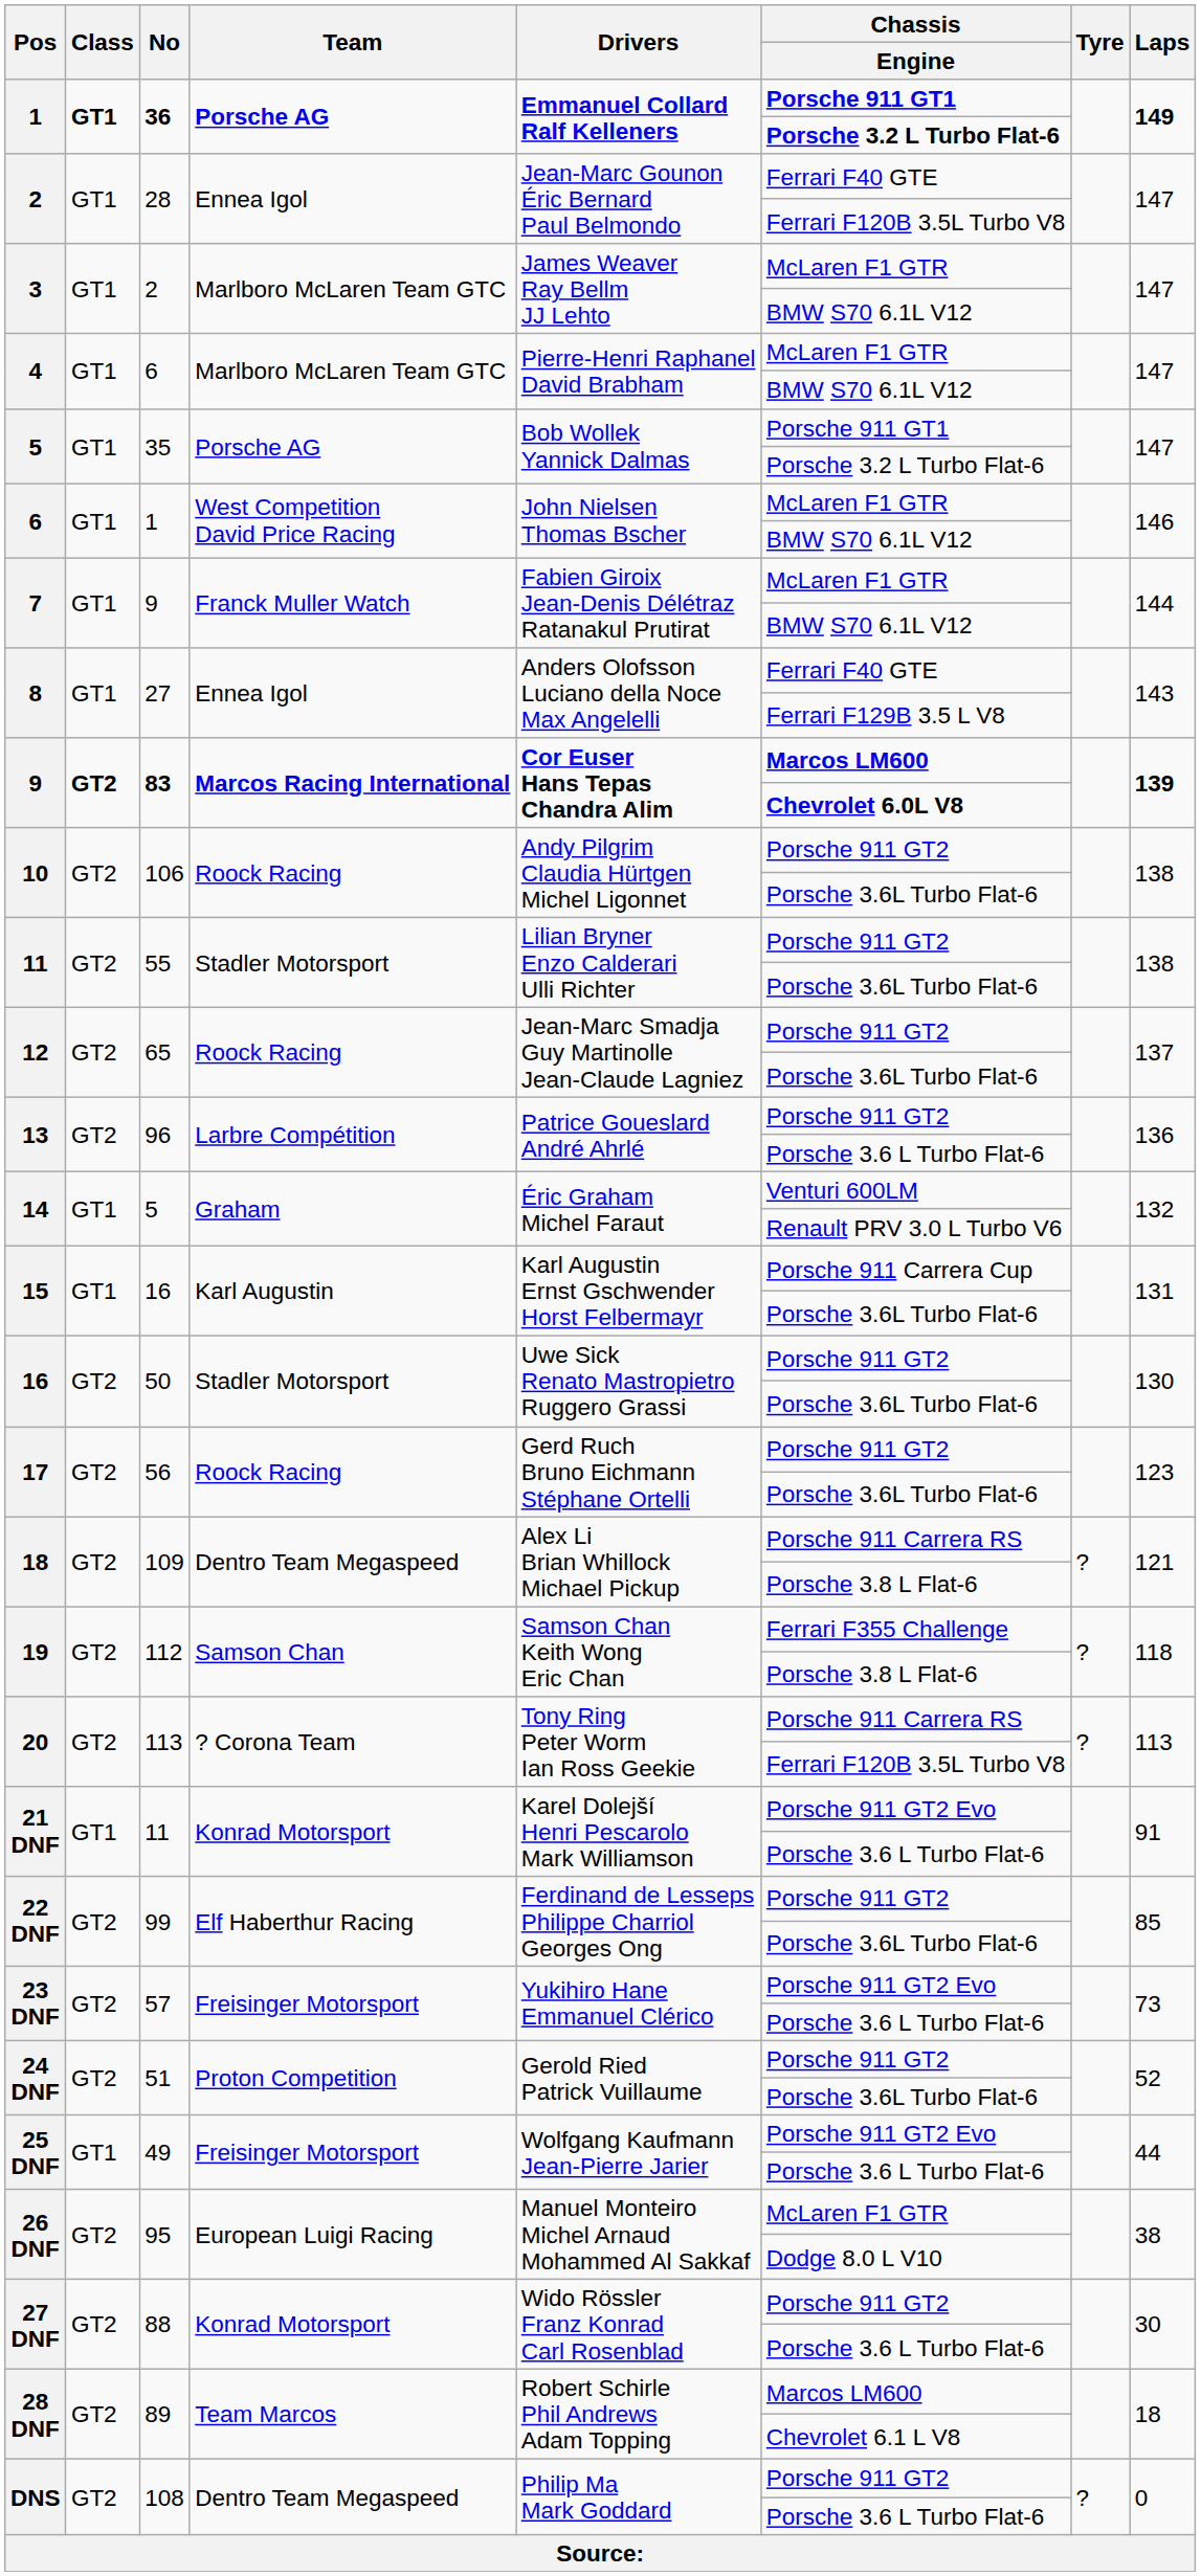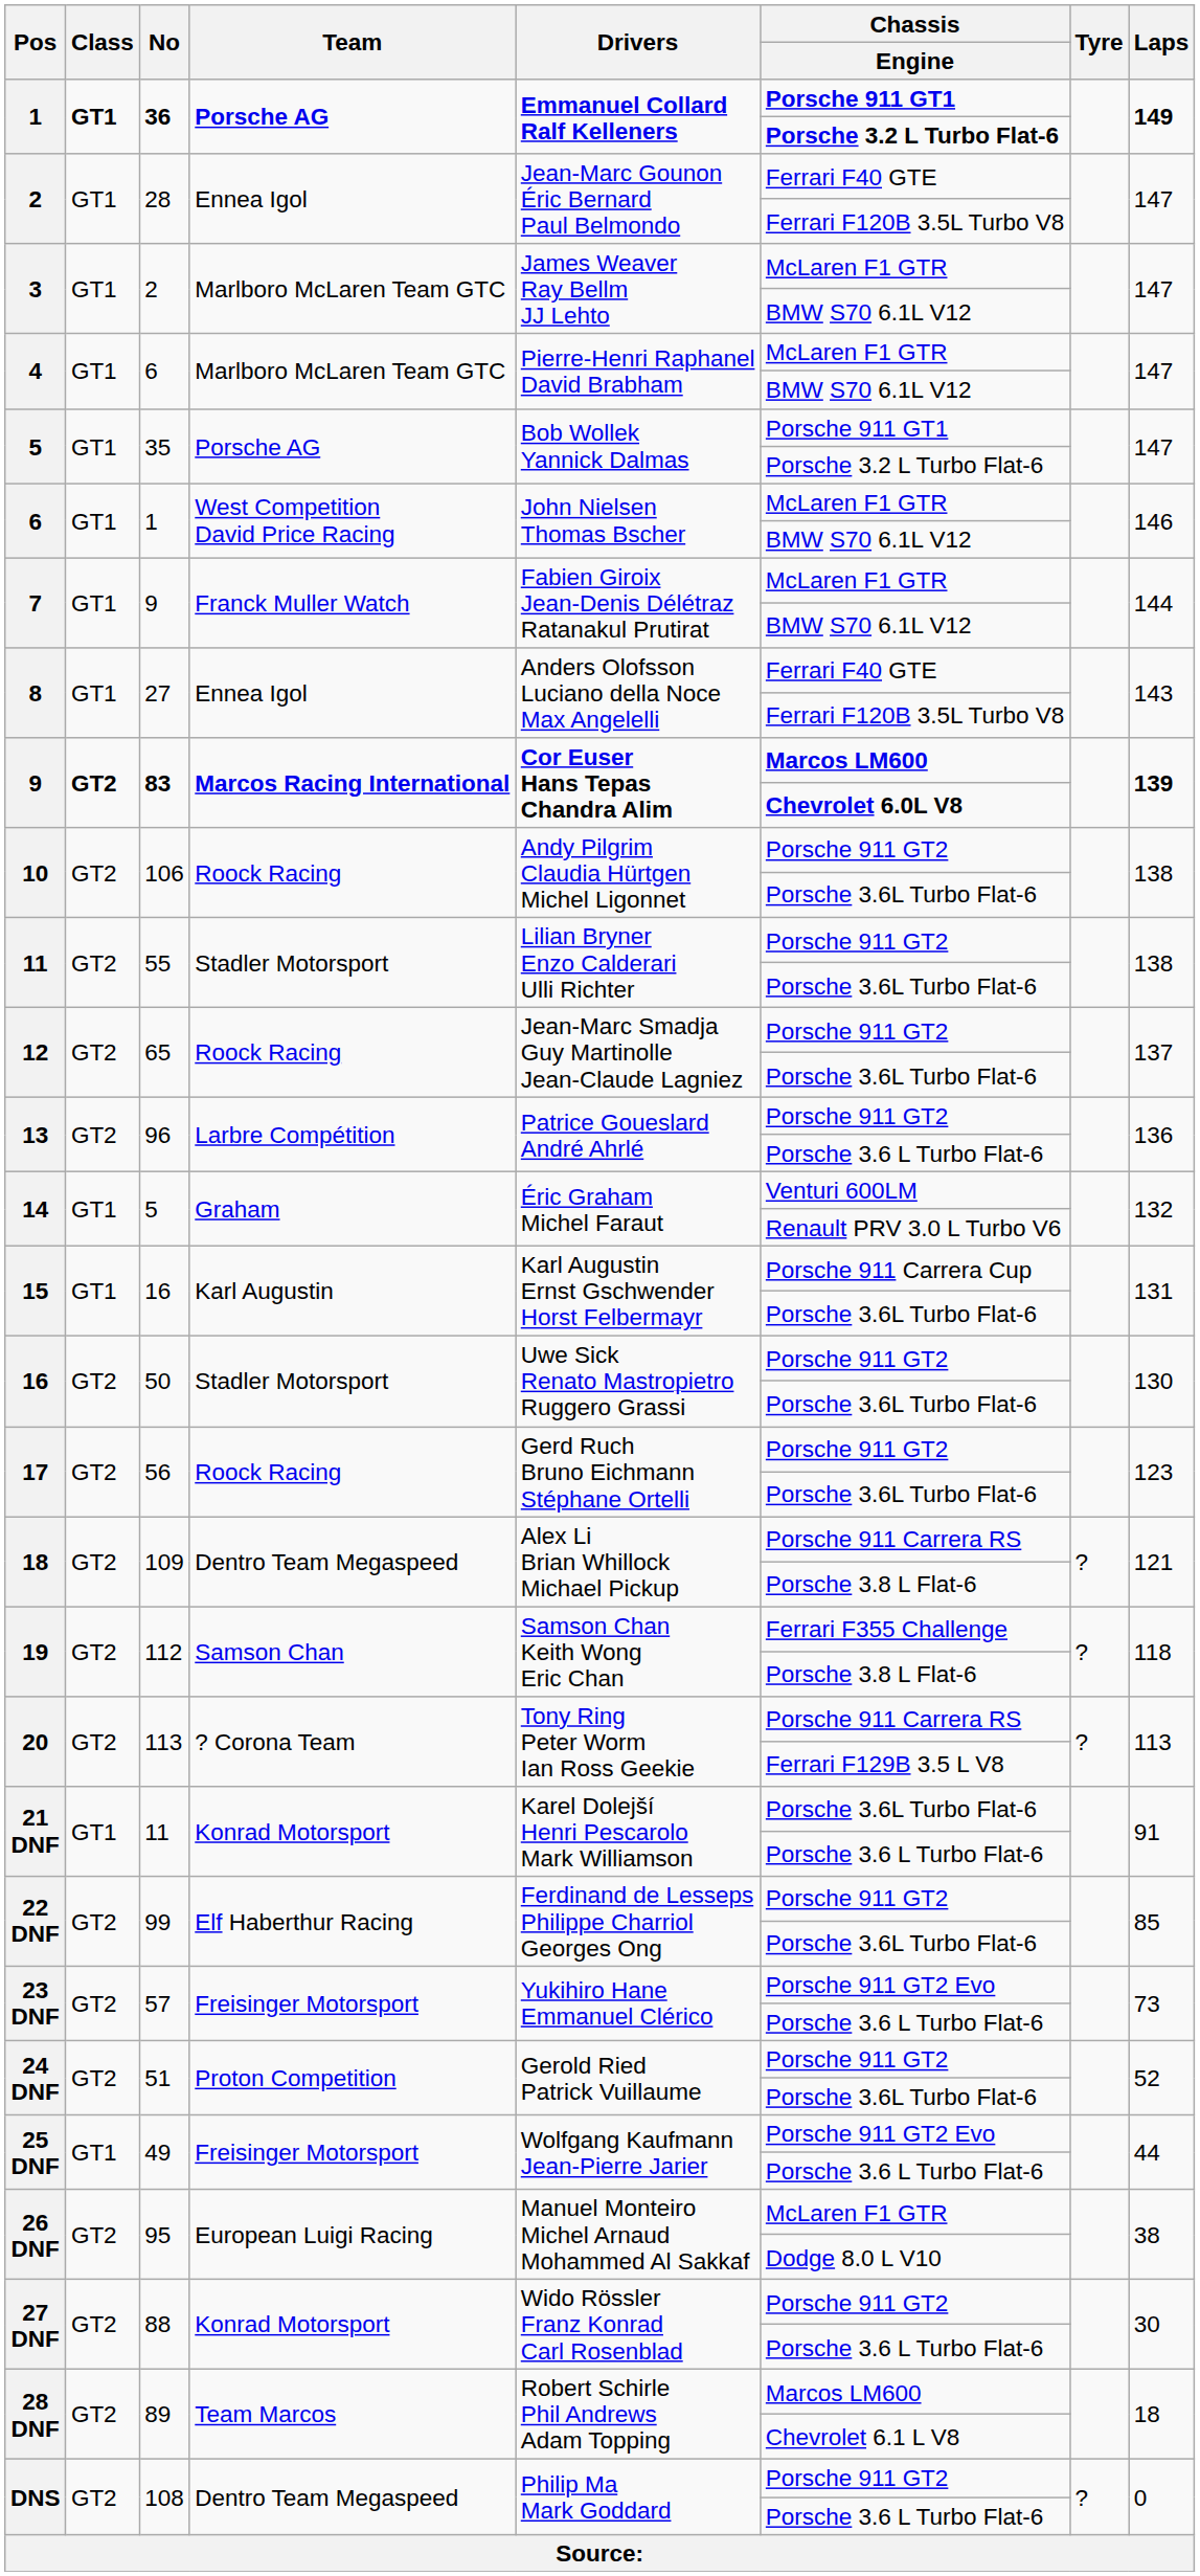 <table class="wikitable" style="font-size: 95%;">
 <tr>
 <th rowspan=2>Pos</th>
 <th rowspan=2>Class</th>
 <th rowspan=2>No</th>
 <th rowspan=2>Team</th>
 <th rowspan=2>Drivers</th>
 <th>Chassis</th>
 <th rowspan=2>Tyre</th>
 <th rowspan=2>Laps</th>
 </tr>
 <tr>
 <th>Engine</th>
 </tr>
 <tr>
 <th rowspan=2>1</th>
 <td rowspan=2><strong>GT1</strong></td>
 <td rowspan=2><strong>36</strong></td>
 <td rowspan=2><strong> <a href='#'>Porsche AG</a></strong></td>
 <td rowspan=2><strong> <a href='#'>Emmanuel Collard</a><br> <a href='#'>Ralf Kelleners</a></strong></td>
 <td><strong><a href='#'>Porsche 911 GT1</a></strong></td>
 <td rowspan=2></td>
 <td rowspan=2><strong>149</strong></td>
 </tr>
 <tr>
 <td><strong><a href='#'>Porsche</a> 3.2 L Turbo Flat-6</strong></td>
 </tr>
 <tr>
 <th rowspan=2>2</th>
 <td rowspan=2>GT1</td>
 <td rowspan=2>28</td>
 <td rowspan=2> Ennea Igol</td>
 <td rowspan=2> <a href='#'>Jean-Marc Gounon</a><br> <a href='#'>Éric Bernard</a><br> <a href='#'>Paul Belmondo</a></td>
 <td><a href='#'>Ferrari F40</a> GTE</td>
 <td rowspan=2></td>
 <td rowspan=2>147</td>
 </tr>
 <tr>
 <td><a href='#'>Ferrari F120B</a> 3.5L Turbo V8</td>
 </tr>
 <tr>
 <th rowspan=2>3</th>
 <td rowspan=2>GT1</td>
 <td rowspan=2>2</td>
 <td rowspan=2> Marlboro McLaren Team GTC</td>
 <td rowspan=2> <a href='#'>James Weaver</a><br> <a href='#'>Ray Bellm</a><br> <a href='#'>JJ Lehto</a></td>
 <td><a href='#'>McLaren F1 GTR</a></td>
 <td rowspan=2></td>
 <td rowspan=2>147</td>
 </tr>
 <tr>
 <td><a href='#'>BMW</a> <a href='#'>S70</a> 6.1L V12</td>
 </tr>
 <tr>
 <th rowspan=2>4</th>
 <td rowspan=2>GT1</td>
 <td rowspan=2>6</td>
 <td rowspan=2> Marlboro McLaren Team GTC</td>
 <td rowspan=2> <a href='#'>Pierre-Henri Raphanel</a><br> <a href='#'>David Brabham</a></td>
 <td><a href='#'>McLaren F1 GTR</a></td>
 <td rowspan=2></td>
 <td rowspan=2>147</td>
 </tr>
 <tr>
 <td><a href='#'>BMW</a> <a href='#'>S70</a> 6.1L V12</td>
 </tr>
 <tr>
 <th rowspan=2>5</th>
 <td rowspan=2>GT1</td>
 <td rowspan=2>35</td>
 <td rowspan=2> <a href='#'>Porsche AG</a></td>
 <td rowspan=2> <a href='#'>Bob Wollek</a><br> <a href='#'>Yannick Dalmas</a></td>
 <td><a href='#'>Porsche 911 GT1</a></td>
 <td rowspan=2></td>
 <td rowspan=2>147</td>
 </tr>
 <tr>
 <td><a href='#'>Porsche</a> 3.2 L Turbo Flat-6</td>
 </tr>
 <tr>
 <th rowspan=2>6</th>
 <td rowspan=2>GT1</td>
 <td rowspan=2>1</td>
 <td rowspan=2> <a href='#'>West Competition</a><br> <a href='#'>David Price Racing</a></td>
 <td rowspan=2> <a href='#'>John Nielsen</a><br> <a href='#'>Thomas Bscher</a></td>
 <td><a href='#'>McLaren F1 GTR</a></td>
 <td rowspan=2></td>
 <td rowspan=2>146</td>
 </tr>
 <tr>
 <td><a href='#'>BMW</a> <a href='#'>S70</a> 6.1L V12</td>
 </tr>
 <tr>
 <th rowspan=2>7</th>
 <td rowspan=2>GT1</td>
 <td rowspan=2>9</td>
 <td rowspan=2> <a href='#'>Franck Muller Watch</a></td>
 <td rowspan=2> <a href='#'>Fabien Giroix</a><br> <a href='#'>Jean-Denis Délétraz</a><br> Ratanakul Prutirat</td>
 <td><a href='#'>McLaren F1 GTR</a></td>
 <td rowspan=2></td>
 <td rowspan=2>144</td>
 </tr>
 <tr>
 <td><a href='#'>BMW</a> <a href='#'>S70</a> 6.1L V12</td>
 </tr>
 <tr>
 <th rowspan=2>8</th>
 <td rowspan=2>GT1</td>
 <td rowspan=2>27</td>
 <td rowspan=2> Ennea Igol</td>
 <td rowspan=2> Anders Olofsson<br> Luciano della Noce<br> <a href='#'>Max Angelelli</a></td>
 <td><a href='#'>Ferrari F40</a> GTE</td>
 <td rowspan=2></td>
 <td rowspan=2>143</td>
 </tr>
 <tr>
-<td><a href='#'>Ferrari F129B</a> 3.5 L V8</td>
+<td><a href='#'>Ferrari F120B</a> 3.5L Turbo V8</td>
 </tr>
 <tr>
 <th rowspan=2>9</th>
 <td rowspan=2><strong>GT2</strong></td>
 <td rowspan=2><strong>83</strong></td>
 <td rowspan=2><strong> <a href='#'>Marcos Racing International</a></strong></td>
 <td rowspan=2><strong> <a href='#'>Cor Euser</a><br> Hans Tepas<br> Chandra Alim</strong></td>
 <td><a href='#'><strong>Marcos LM600</strong></a></td>
 <td rowspan=2></td>
 <td rowspan=2><strong>139</strong></td>
 </tr>
 <tr>
 <td><strong><a href='#'>Chevrolet</a> 6.0L V8</strong></td>
 </tr>
 <tr>
 <th rowspan=2>10</th>
 <td rowspan=2>GT2</td>
 <td rowspan=2>106</td>
 <td rowspan=2> <a href='#'>Roock Racing</a></td>
 <td rowspan=2> <a href='#'>Andy Pilgrim</a><br> <a href='#'>Claudia Hürtgen</a><br> Michel Ligonnet</td>
 <td><a href='#'>Porsche 911 GT2</a></td>
 <td rowspan=2></td>
 <td rowspan=2>138</td>
 </tr>
 <tr>
 <td><a href='#'>Porsche</a> 3.6L Turbo Flat-6</td>
 </tr>
 <tr>
 <th rowspan=2>11</th>
 <td rowspan=2>GT2</td>
 <td rowspan=2>55</td>
 <td rowspan=2> Stadler Motorsport</td>
 <td rowspan=2> <a href='#'>Lilian Bryner</a><br> <a href='#'>Enzo Calderari</a><br> Ulli Richter</td>
 <td><a href='#'>Porsche 911 GT2</a></td>
 <td rowspan=2></td>
 <td rowspan=2>138</td>
 </tr>
 <tr>
 <td><a href='#'>Porsche</a> 3.6L Turbo Flat-6</td>
 </tr>
 <tr>
 <th rowspan=2>12</th>
 <td rowspan=2>GT2</td>
 <td rowspan=2>65</td>
 <td rowspan=2> <a href='#'>Roock Racing</a></td>
 <td rowspan=2> Jean-Marc Smadja<br> Guy Martinolle<br> Jean-Claude Lagniez</td>
 <td><a href='#'>Porsche 911 GT2</a></td>
 <td rowspan=2></td>
 <td rowspan=2>137</td>
 </tr>
 <tr>
 <td><a href='#'>Porsche</a> 3.6L Turbo Flat-6</td>
 </tr>
 <tr>
 <th rowspan=2>13</th>
 <td rowspan=2>GT2</td>
 <td rowspan=2>96</td>
 <td rowspan=2> <a href='#'>Larbre Compétition</a></td>
 <td rowspan=2> <a href='#'>Patrice Goueslard</a><br> <a href='#'>André Ahrlé</a></td>
 <td><a href='#'>Porsche 911 GT2</a></td>
 <td rowspan=2></td>
 <td rowspan=2>136</td>
 </tr>
 <tr>
 <td><a href='#'>Porsche</a> 3.6 L Turbo Flat-6</td>
 </tr>
 <tr>
 <th rowspan=2>14</th>
 <td rowspan=2>GT1</td>
 <td rowspan=2>5</td>
 <td rowspan=2> <a href='#'>Graham</a></td>
 <td rowspan=2> <a href='#'>Éric Graham</a><br> Michel Faraut</td>
 <td><a href='#'>Venturi 600LM</a></td>
 <td rowspan=2></td>
 <td rowspan=2>132</td>
 </tr>
 <tr>
 <td><a href='#'>Renault</a> PRV 3.0 L Turbo V6</td>
 </tr>
 <tr>
 <th rowspan=2>15</th>
 <td rowspan=2>GT1</td>
 <td rowspan=2>16</td>
 <td rowspan=2> Karl Augustin</td>
 <td rowspan=2> Karl Augustin<br> Ernst Gschwender<br> <a href='#'>Horst Felbermayr</a></td>
 <td><a href='#'>Porsche 911</a> Carrera Cup</td>
 <td rowspan=2></td>
 <td rowspan=2>131</td>
 </tr>
 <tr>
 <td><a href='#'>Porsche</a> 3.6L Turbo Flat-6</td>
 </tr>
 <tr>
 <th rowspan=2>16</th>
 <td rowspan=2>GT2</td>
 <td rowspan=2>50</td>
 <td rowspan=2> Stadler Motorsport</td>
 <td rowspan=2> Uwe Sick<br> <a href='#'>Renato Mastropietro</a><br> Ruggero Grassi</td>
 <td><a href='#'>Porsche 911 GT2</a></td>
 <td rowspan=2></td>
 <td rowspan=2>130</td>
 </tr>
 <tr>
 <td><a href='#'>Porsche</a> 3.6L Turbo Flat-6</td>
 </tr>
 <tr>
 <th rowspan=2>17</th>
 <td rowspan=2>GT2</td>
 <td rowspan=2>56</td>
 <td rowspan=2> <a href='#'>Roock Racing</a></td>
 <td rowspan=2> Gerd Ruch<br> Bruno Eichmann<br> <a href='#'>Stéphane Ortelli</a></td>
 <td><a href='#'>Porsche 911 GT2</a></td>
 <td rowspan=2></td>
 <td rowspan=2>123</td>
 </tr>
 <tr>
 <td><a href='#'>Porsche</a> 3.6L Turbo Flat-6</td>
 </tr>
 <tr>
 <th rowspan=2>18</th>
 <td rowspan=2>GT2</td>
 <td rowspan=2>109</td>
 <td rowspan=2> Dentro Team Megaspeed</td>
 <td rowspan=2> Alex Li<br> Brian Whillock<br> Michael Pickup</td>
 <td><a href='#'>Porsche 911 Carrera RS</a></td>
 <td rowspan=2>?</td>
 <td rowspan=2>121</td>
 </tr>
 <tr>
 <td><a href='#'>Porsche</a> 3.8 L Flat-6</td>
 </tr>
 <tr>
 <th rowspan=2>19</th>
 <td rowspan=2>GT2</td>
 <td rowspan=2>112</td>
 <td rowspan=2> <a href='#'>Samson Chan</a></td>
 <td rowspan=2> <a href='#'>Samson Chan</a><br> Keith Wong<br> Eric Chan</td>
 <td><a href='#'>Ferrari F355 Challenge</a></td>
 <td rowspan=2>?</td>
 <td rowspan=2>118</td>
 </tr>
 <tr>
 <td><a href='#'>Porsche</a> 3.8 L Flat-6</td>
 </tr>
 <tr>
 <th rowspan=2>20</th>
 <td rowspan=2>GT2</td>
 <td rowspan=2>113</td>
 <td rowspan=2>? Corona Team</td>
 <td rowspan=2> <a href='#'>Tony Ring</a><br> Peter Worm<br> Ian Ross Geekie</td>
 <td><a href='#'>Porsche 911 Carrera RS</a></td>
 <td rowspan=2>?</td>
 <td rowspan=2>113</td>
 </tr>
 <tr>
-<td><a href='#'>Ferrari F120B</a> 3.5L Turbo V8</td>
+<td><a href='#'>Ferrari F129B</a> 3.5 L V8</td>
 </tr>
 <tr>
 <th rowspan=2>21<br>DNF</th>
 <td rowspan=2>GT1</td>
 <td rowspan=2>11</td>
 <td rowspan=2> <a href='#'>Konrad Motorsport</a></td>
 <td rowspan=2> Karel Dolejší<br> <a href='#'>Henri Pescarolo</a><br> Mark Williamson</td>
-<td><a href='#'>Porsche 911 GT2 Evo</a></td>
+<td><a href='#'>Porsche</a> 3.6L Turbo Flat-6</td>
 <td rowspan=2></td>
 <td rowspan=2>91</td>
 </tr>
 <tr>
 <td><a href='#'>Porsche</a> 3.6 L Turbo Flat-6</td>
 </tr>
 <tr>
 <th rowspan=2>22<br>DNF</th>
 <td rowspan=2>GT2</td>
 <td rowspan=2>99</td>
 <td rowspan=2> <a href='#'>Elf</a> Haberthur Racing</td>
 <td rowspan=2> <a href='#'>Ferdinand de Lesseps</a><br> <a href='#'>Philippe Charriol</a><br> Georges Ong</td>
 <td><a href='#'>Porsche 911 GT2</a></td>
 <td rowspan=2></td>
 <td rowspan=2>85</td>
 </tr>
 <tr>
 <td><a href='#'>Porsche</a> 3.6L Turbo Flat-6</td>
 </tr>
 <tr>
 <th rowspan=2>23<br>DNF</th>
 <td rowspan=2>GT2</td>
 <td rowspan=2>57</td>
 <td rowspan=2> <a href='#'>Freisinger Motorsport</a></td>
 <td rowspan=2> <a href='#'>Yukihiro Hane</a><br> <a href='#'>Emmanuel Clérico</a></td>
 <td><a href='#'>Porsche 911 GT2 Evo</a></td>
 <td rowspan=2></td>
 <td rowspan=2>73</td>
 </tr>
 <tr>
 <td><a href='#'>Porsche</a> 3.6 L Turbo Flat-6</td>
 </tr>
 <tr>
 <th rowspan=2>24<br>DNF</th>
 <td rowspan=2>GT2</td>
 <td rowspan=2>51</td>
 <td rowspan=2> <a href='#'>Proton Competition</a></td>
 <td rowspan=2> Gerold Ried<br> Patrick Vuillaume</td>
 <td><a href='#'>Porsche 911 GT2</a></td>
 <td rowspan=2></td>
 <td rowspan=2>52</td>
 </tr>
 <tr>
 <td><a href='#'>Porsche</a> 3.6L Turbo Flat-6</td>
 </tr>
 <tr>
 <th rowspan=2>25<br>DNF</th>
 <td rowspan=2>GT1</td>
 <td rowspan=2>49</td>
 <td rowspan=2> <a href='#'>Freisinger Motorsport</a></td>
 <td rowspan=2> Wolfgang Kaufmann<br> <a href='#'>Jean-Pierre Jarier</a></td>
 <td><a href='#'>Porsche 911 GT2 Evo</a></td>
 <td rowspan=2></td>
 <td rowspan=2>44</td>
 </tr>
 <tr>
 <td><a href='#'>Porsche</a> 3.6 L Turbo Flat-6</td>
 </tr>
 <tr>
 <th rowspan=2>26<br>DNF</th>
 <td rowspan=2>GT2</td>
 <td rowspan=2>95</td>
 <td rowspan=2> European Luigi Racing</td>
 <td rowspan=2> Manuel Monteiro<br> Michel Arnaud<br> Mohammed Al Sakkaf</td>
 <td><a href='#'>McLaren F1 GTR</a></td>
 <td rowspan=2></td>
 <td rowspan=2>38</td>
 </tr>
 <tr>
 <td><a href='#'>Dodge</a> 8.0 L V10</td>
 </tr>
 <tr>
 <th rowspan=2>27<br>DNF</th>
 <td rowspan=2>GT2</td>
 <td rowspan=2>88</td>
 <td rowspan=2> <a href='#'>Konrad Motorsport</a></td>
 <td rowspan=2> Wido Rössler<br> <a href='#'>Franz Konrad</a><br> <a href='#'>Carl Rosenblad</a></td>
 <td><a href='#'>Porsche 911 GT2</a></td>
 <td rowspan=2></td>
 <td rowspan=2>30</td>
 </tr>
 <tr>
 <td><a href='#'>Porsche</a> 3.6 L Turbo Flat-6</td>
 </tr>
 <tr>
 <th rowspan=2>28<br>DNF</th>
 <td rowspan=2>GT2</td>
 <td rowspan=2>89</td>
 <td rowspan=2> <a href='#'>Team Marcos</a></td>
 <td rowspan=2> Robert Schirle<br> <a href='#'>Phil Andrews</a><br> Adam Topping</td>
 <td><a href='#'>Marcos LM600</a></td>
 <td rowspan=2></td>
 <td rowspan=2>18</td>
 </tr>
 <tr>
 <td><a href='#'>Chevrolet</a> 6.1 L V8</td>
 </tr>
 <tr>
 <th rowspan=2>DNS</th>
 <td rowspan=2>GT2</td>
 <td rowspan=2>108</td>
 <td rowspan=2> Dentro Team Megaspeed</td>
 <td rowspan=2> <a href='#'>Philip Ma</a><br> <a href='#'>Mark Goddard</a></td>
 <td><a href='#'>Porsche 911 GT2</a></td>
 <td rowspan=2>?</td>
 <td rowspan=2>0</td>
 </tr>
 <tr>
 <td><a href='#'>Porsche</a> 3.6 L Turbo Flat-6</td>
 </tr>
 <tr>
 <th colspan="8">Source:</th>
 </tr>
 <tr>
 </tr>
 </table>
